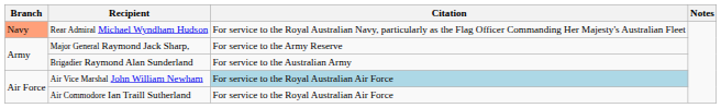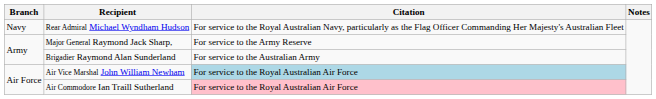 <table class="wikitable" style="font-size:95%;">
 <tr>
 <th>Branch</th>
 <th>Recipient</th>
 <th>Citation</th>
 <th>Notes</th>
 </tr>
 <tr>
-<td style="background: lightsalmon;">Navy</td>
+<td>Navy</td>
 <td><small>Rear Admiral</small> <a href='#'>Michael Wyndham Hudson</a></td>
 <td>For service to the Royal Australian Navy, particularly as the Flag Officer Commanding Her Majesty's Australian Fleet</td>
 <td rowspan="5"></td>
 </tr>
 <tr>
 <td rowspan="2">Army</td>
 <td><small>Major General</small> Raymond Jack Sharp, </td>
 <td>For service to the Army Reserve</td>
 </tr>
 <tr>
 <td><small>Brigadier</small> Raymond Alan Sunderland</td>
 <td>For service to the Australian Army</td>
 </tr>
 <tr>
 <td rowspan="2">Air Force</td>
 <td><small>Air Vice Marshal</small> <a href='#'>John William Newham</a></td>
 <td style="background: lightblue;">For service to the Royal Australian Air Force</td>
 </tr>
 <tr>
 <td><small>Air Commodore</small> Ian Traill Sutherland</td>
-<td>For service to the Royal Australian Air Force</td>
+<td style="background: pink;">For service to the Royal Australian Air Force</td>
 </tr>
 </table>
